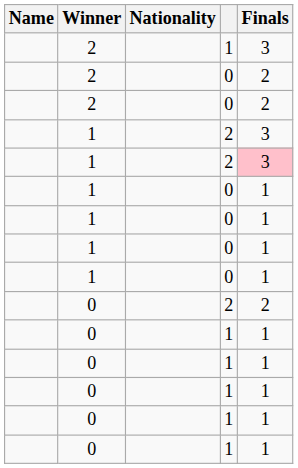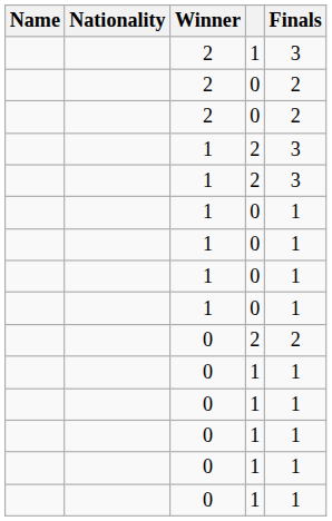 <table class="wikitable sortable" style="font-size:100%; text-align: center">
 <tr>
 <th>Name</th>
+<th>Nationality</th>
 <th>Winner</th>
-<th>Nationality</th>
 <th></th>
 <th>Finals</th>
 </tr>
 <tr>
 <td align="left"></td>
+<td align="left"></td>
 <td>2</td>
-<td align="left"></td>
 <td>1</td>
 <td>3</td>
 </tr>
 <tr>
 <td align="left"></td>
+<td align="left"></td>
 <td>2</td>
-<td align="left"></td>
 <td>0</td>
 <td>2</td>
 </tr>
 <tr>
 <td align="left"></td>
+<td align="left"></td>
 <td>2</td>
-<td align="left"></td>
 <td>0</td>
 <td>2</td>
 </tr>
 <tr>
 <td align="left"></td>
+<td align="left"></td>
 <td>1</td>
-<td align="left"></td>
 <td>2</td>
 <td>3</td>
 </tr>
 <tr>
 <td align="left"></td>
+<td align="left"></td>
 <td>1</td>
-<td align="left"></td>
 <td>2</td>
-<td style="background: pink;">3</td>
+<td>3</td>
 </tr>
 <tr>
 <td align="left"></td>
+<td align="left"></td>
 <td>1</td>
-<td align="left"></td>
 <td>0</td>
 <td>1</td>
 </tr>
 <tr>
 <td align="left"></td>
+<td align="left"></td>
 <td>1</td>
-<td align="left"></td>
 <td>0</td>
 <td>1</td>
 </tr>
 <tr>
 <td align="left"></td>
+<td align="left"></td>
 <td>1</td>
-<td align="left"></td>
 <td>0</td>
 <td>1</td>
 </tr>
 <tr>
 <td align="left"></td>
+<td align="left"></td>
 <td>1</td>
-<td align="left"></td>
 <td>0</td>
 <td>1</td>
 </tr>
 <tr>
 <td align="left"></td>
+<td align="left"></td>
 <td>0</td>
-<td align="left"></td>
 <td>2</td>
 <td>2</td>
 </tr>
 <tr>
 <td align="left"></td>
+<td align="left"></td>
 <td>0</td>
-<td align="left"></td>
 <td>1</td>
 <td>1</td>
 </tr>
 <tr>
 <td align="left"></td>
+<td align="left"></td>
 <td>0</td>
-<td align="left"></td>
 <td>1</td>
 <td>1</td>
 </tr>
 <tr>
 <td align="left"></td>
+<td align="left"></td>
 <td>0</td>
-<td align="left"></td>
 <td>1</td>
 <td>1</td>
 </tr>
 <tr>
 <td align="left"></td>
+<td align="left"></td>
 <td>0</td>
-<td align="left"></td>
 <td>1</td>
 <td>1</td>
 </tr>
 <tr>
 <td align="left"></td>
+<td align="left"></td>
 <td>0</td>
-<td align="left"></td>
 <td>1</td>
 <td>1</td>
 </tr>
 </table>
